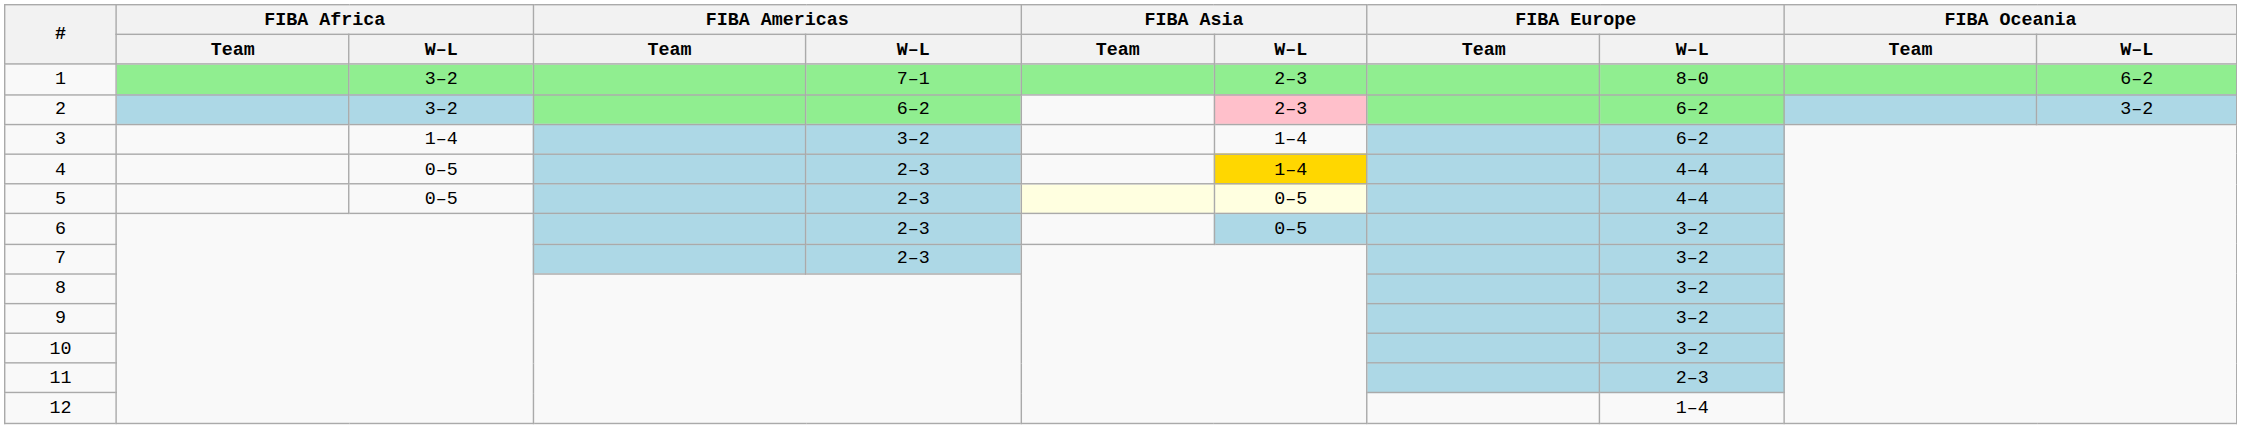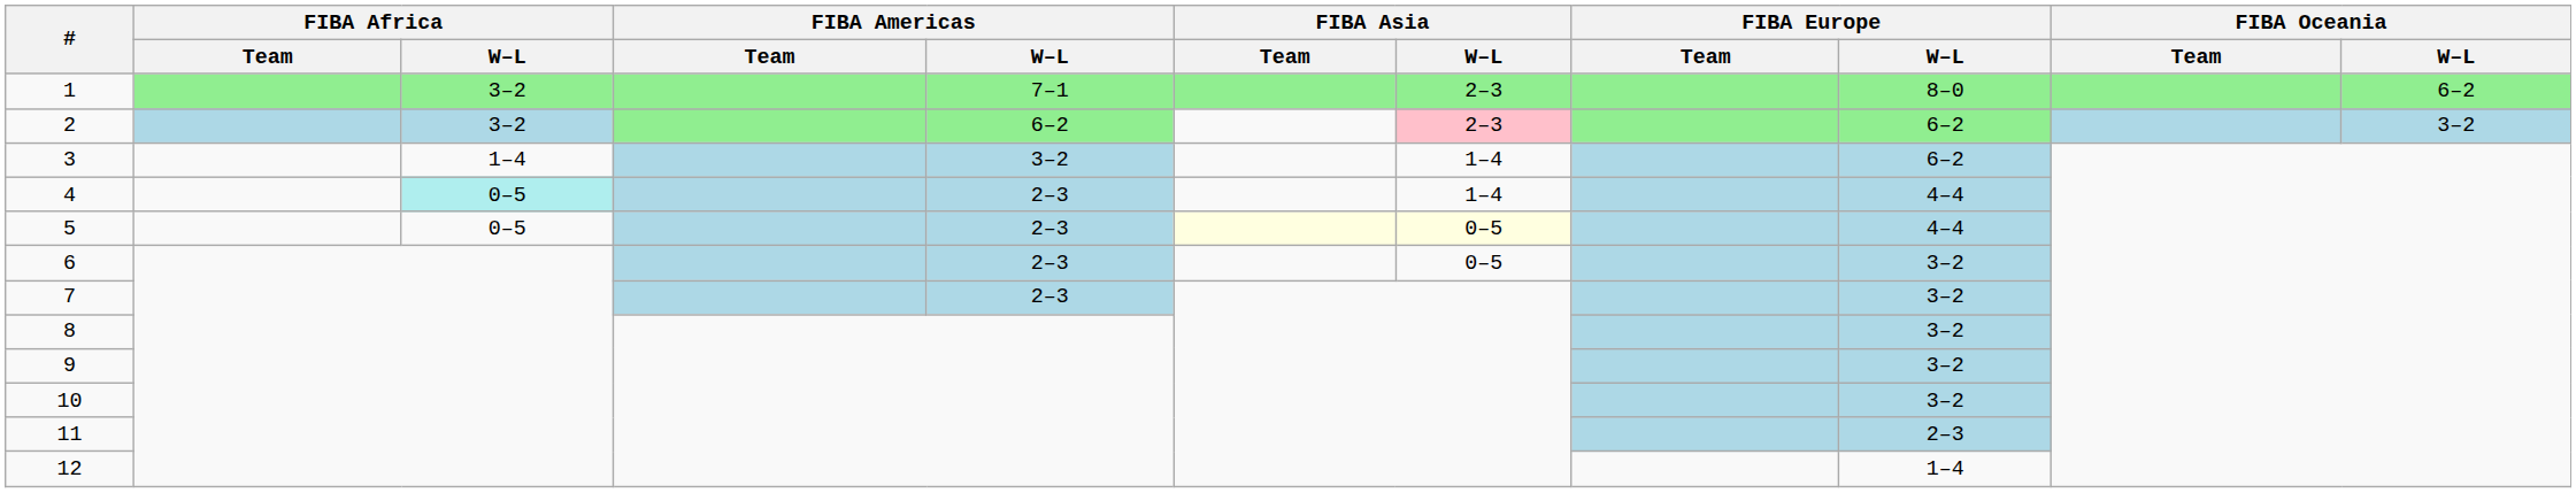 <table class=wikitable style="text-align:center;" width=100%>
 <tr>
 <th rowspan=2 width=5%>#</th>
 <th colspan=2>FIBA Africa<br></th>
 <th colspan=2>FIBA Americas<br></th>
 <th colspan=2>FIBA Asia<br></th>
 <th colspan=2>FIBA Europe<br></th>
 <th colspan=2>FIBA Oceania<br></th>
 </tr>
 <tr>
 <th>Team</th>
 <th>W–L</th>
 <th>Team</th>
 <th>W–L</th>
 <th>Team</th>
 <th>W–L</th>
 <th>Team</th>
 <th>W–L</th>
 <th>Team</th>
 <th>W–L</th>
 </tr>
 <tr>
 <td>1</td>
 <td align=left bgcolor=lightgreen></td>
 <td bgcolor=lightgreen>3–2</td>
 <td align=left bgcolor=lightgreen></td>
 <td bgcolor=lightgreen>7–1</td>
 <td align=left bgcolor=lightgreen></td>
 <td bgcolor=lightgreen>2–3</td>
 <td align=left bgcolor=lightgreen></td>
 <td bgcolor=lightgreen>8–0</td>
 <td align=left bgcolor=lightgreen></td>
 <td bgcolor=lightgreen>6–2</td>
 </tr>
 <tr>
 <td>2</td>
 <td align=left bgcolor=lightblue></td>
 <td bgcolor=lightblue>3–2</td>
 <td align=left bgcolor=lightgreen></td>
 <td bgcolor=lightgreen>6–2</td>
 <td align=left></td>
 <td style="background: pink;">2–3</td>
 <td align=left bgcolor=lightgreen></td>
 <td bgcolor=lightgreen>6–2</td>
 <td align=left bgcolor=lightblue></td>
 <td bgcolor=lightblue>3–2</td>
 </tr>
 <tr>
 <td>3</td>
 <td align=left></td>
 <td>1–4</td>
 <td align=left bgcolor=lightblue></td>
 <td bgcolor=lightblue>3–2</td>
 <td align=left></td>
 <td>1–4</td>
 <td align=left bgcolor=lightblue></td>
 <td bgcolor=lightblue>6–2</td>
 <td rowspan=10 colspan=2></td>
 </tr>
 <tr>
 <td>4</td>
 <td align=left></td>
-<td>0–5</td>
+<td style="background: paleturquoise;">0–5</td>
 <td align=left bgcolor=lightblue></td>
 <td bgcolor=lightblue>2–3</td>
 <td align=left></td>
-<td style="background: gold;">1–4</td>
+<td>1–4</td>
 <td align=left bgcolor=lightblue></td>
 <td bgcolor=lightblue>4–4</td>
 </tr>
 <tr>
 <td>5</td>
 <td align=left></td>
 <td>0–5</td>
 <td align=left bgcolor=lightblue></td>
 <td bgcolor=lightblue>2–3</td>
 <td align=left bgcolor=lightyellow></td>
 <td bgcolor=lightyellow>0–5</td>
 <td align=left bgcolor=lightblue></td>
 <td bgcolor=lightblue>4–4</td>
 </tr>
 <tr>
 <td>6</td>
 <td rowspan=7 colspan=2></td>
 <td align=left bgcolor=lightblue></td>
 <td bgcolor=lightblue>2–3</td>
 <td align=left></td>
-<td style="background: lightblue;">0–5</td>
+<td>0–5</td>
 <td align=left bgcolor=lightblue></td>
 <td bgcolor=lightblue>3–2</td>
 </tr>
 <tr>
 <td>7</td>
 <td align=left bgcolor=lightblue></td>
 <td bgcolor=lightblue>2–3</td>
 <td rowspan=6 colspan=2></td>
 <td align=left bgcolor=lightblue></td>
 <td bgcolor=lightblue>3–2</td>
 </tr>
 <tr>
 <td>8</td>
 <td rowspan=5 colspan=2></td>
 <td align=left bgcolor=lightblue></td>
 <td bgcolor=lightblue>3–2</td>
 </tr>
 <tr>
 <td>9</td>
 <td align=left bgcolor=lightblue></td>
 <td bgcolor=lightblue>3–2</td>
 </tr>
 <tr>
 <td>10</td>
 <td align=left bgcolor=lightblue></td>
 <td bgcolor=lightblue>3–2</td>
 </tr>
 <tr>
 <td>11</td>
 <td align=left bgcolor=lightblue></td>
 <td bgcolor=lightblue>2–3</td>
 </tr>
 <tr>
 <td>12</td>
 <td align=left></td>
 <td>1–4</td>
 </tr>
 </table>
